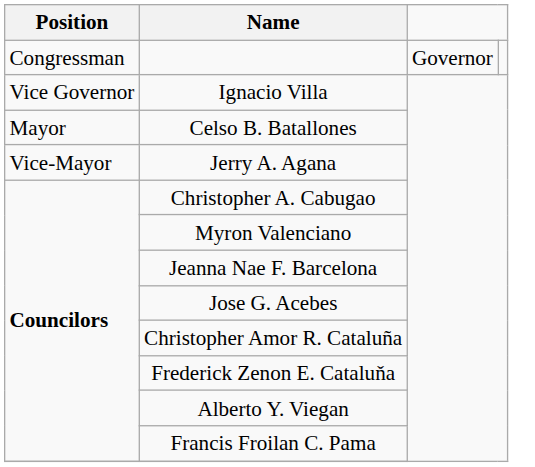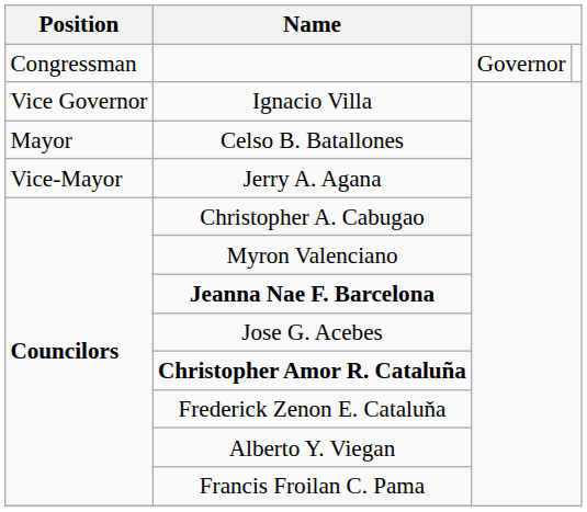 <table class="wikitable" style="line-height:1.20em; font-size:100%;">
 <tr>
 <th>Position</th>
 <th>Name</th>
 </tr>
 <tr>
 <td>Congressman</td>
 <td style="text-align:center;"></td>
 <td>Governor</td>
 <td style="text-align:center;"></td>
 </tr>
 <tr>
 <td>Vice Governor</td>
 <td style="text-align:center;">Ignacio Villa</td>
 </tr>
 <tr>
 <td>Mayor</td>
 <td style="text-align:center;">Celso B. Batallones</td>
 </tr>
 <tr>
 <td>Vice-Mayor</td>
 <td style="text-align:center;">Jerry A. Agana</td>
 </tr>
 <tr>
 <td rowspan=8><strong>Councilors</strong></td>
 <td style="text-align:center;">Christopher A. Cabugao</td>
 </tr>
 <tr>
 <td style="text-align:center;">Myron Valenciano</td>
 </tr>
 <tr>
-<td style="text-align:center;">Jeanna Nae F. Barcelona</td>
+<td style="text-align:center;"><strong>Jeanna Nae F. Barcelona</strong></td>
 </tr>
 <tr>
 <td style="text-align:center;">Jose G. Acebes</td>
 </tr>
 <tr>
-<td style="text-align:center;">Christopher Amor R. Cataluña</td>
+<td style="text-align:center;"><strong>Christopher Amor R. Cataluña</strong></td>
 </tr>
 <tr>
 <td style="text-align:center;">Frederick Zenon E. Cataluňa</td>
 </tr>
 <tr>
 <td style="text-align:center;">Alberto Y. Viegan</td>
 </tr>
 <tr>
 <td style="text-align:center;">Francis Froilan C. Pama</td>
 </tr>
 <tr>
 </tr>
 </table>
